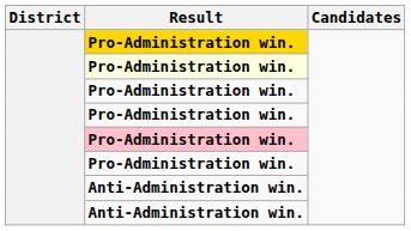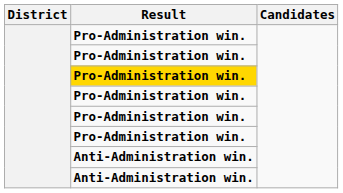 <table class=wikitable>
 <tr valign=bottom>
 <th>District</th>
 <th>Result</th>
 <th>Candidates</th>
 </tr>
 <tr>
 <th rowspan=8><br></th>
-<td style="background: gold;"><strong>Pro-Administration win.</strong></td>
+<td><strong>Pro-Administration win.</strong></td>
 <td rowspan=8></td>
 </tr>
 <tr>
-<td style="background: lightyellow;"><strong>Pro-Administration win.</strong></td>
+<td><strong>Pro-Administration win.</strong></td>
+</tr>
+<tr>
+<td style="background: gold;"><strong>Pro-Administration win.</strong></td>
 </tr>
 <tr>
 <td><strong>Pro-Administration win.</strong></td>
 </tr>
 <tr>
 <td><strong>Pro-Administration win.</strong></td>
-</tr>
-<tr>
-<td style="background: pink;"><strong>Pro-Administration win.</strong></td>
 </tr>
 <tr>
 <td><strong>Pro-Administration win.</strong></td>
 </tr>
 <tr>
 <td><strong>Anti-Administration win.</strong></td>
 </tr>
 <tr>
 <td><strong>Anti-Administration win.</strong></td>
 </tr>
 </table>
